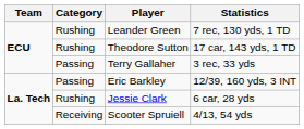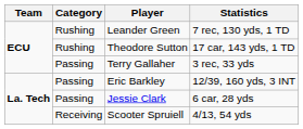 <table class="wikitable">
 <tr>
 <th>Team</th>
 <th>Category</th>
 <th>Player</th>
 <th>Statistics</th>
 </tr>
 <tr>
 <td rowspan=3><strong>ECU</strong></td>
 <td>Rushing</td>
 <td>Leander Green</td>
 <td>7 rec, 130 yds, 1 TD</td>
 </tr>
 <tr>
 <td>Rushing</td>
 <td>Theodore Sutton</td>
 <td>17 car, 143 yds, 1 TD</td>
 </tr>
 <tr>
 <td>Passing</td>
 <td>Terry Gallaher</td>
 <td>3 rec, 33 yds</td>
 </tr>
 <tr>
 <td rowspan=3><strong>La. Tech</strong></td>
 <td>Passing</td>
 <td>Eric Barkley</td>
 <td>12/39, 160 yds, 3 INT</td>
 </tr>
 <tr>
-<td>Rushing</td>
+<td>Passing</td>
 <td><a href='#'>Jessie Clark</a></td>
 <td>6 car, 28 yds</td>
 </tr>
 <tr>
 <td>Receiving</td>
 <td>Scooter Spruiell</td>
 <td>4/13, 54 yds</td>
 </tr>
 </table>
